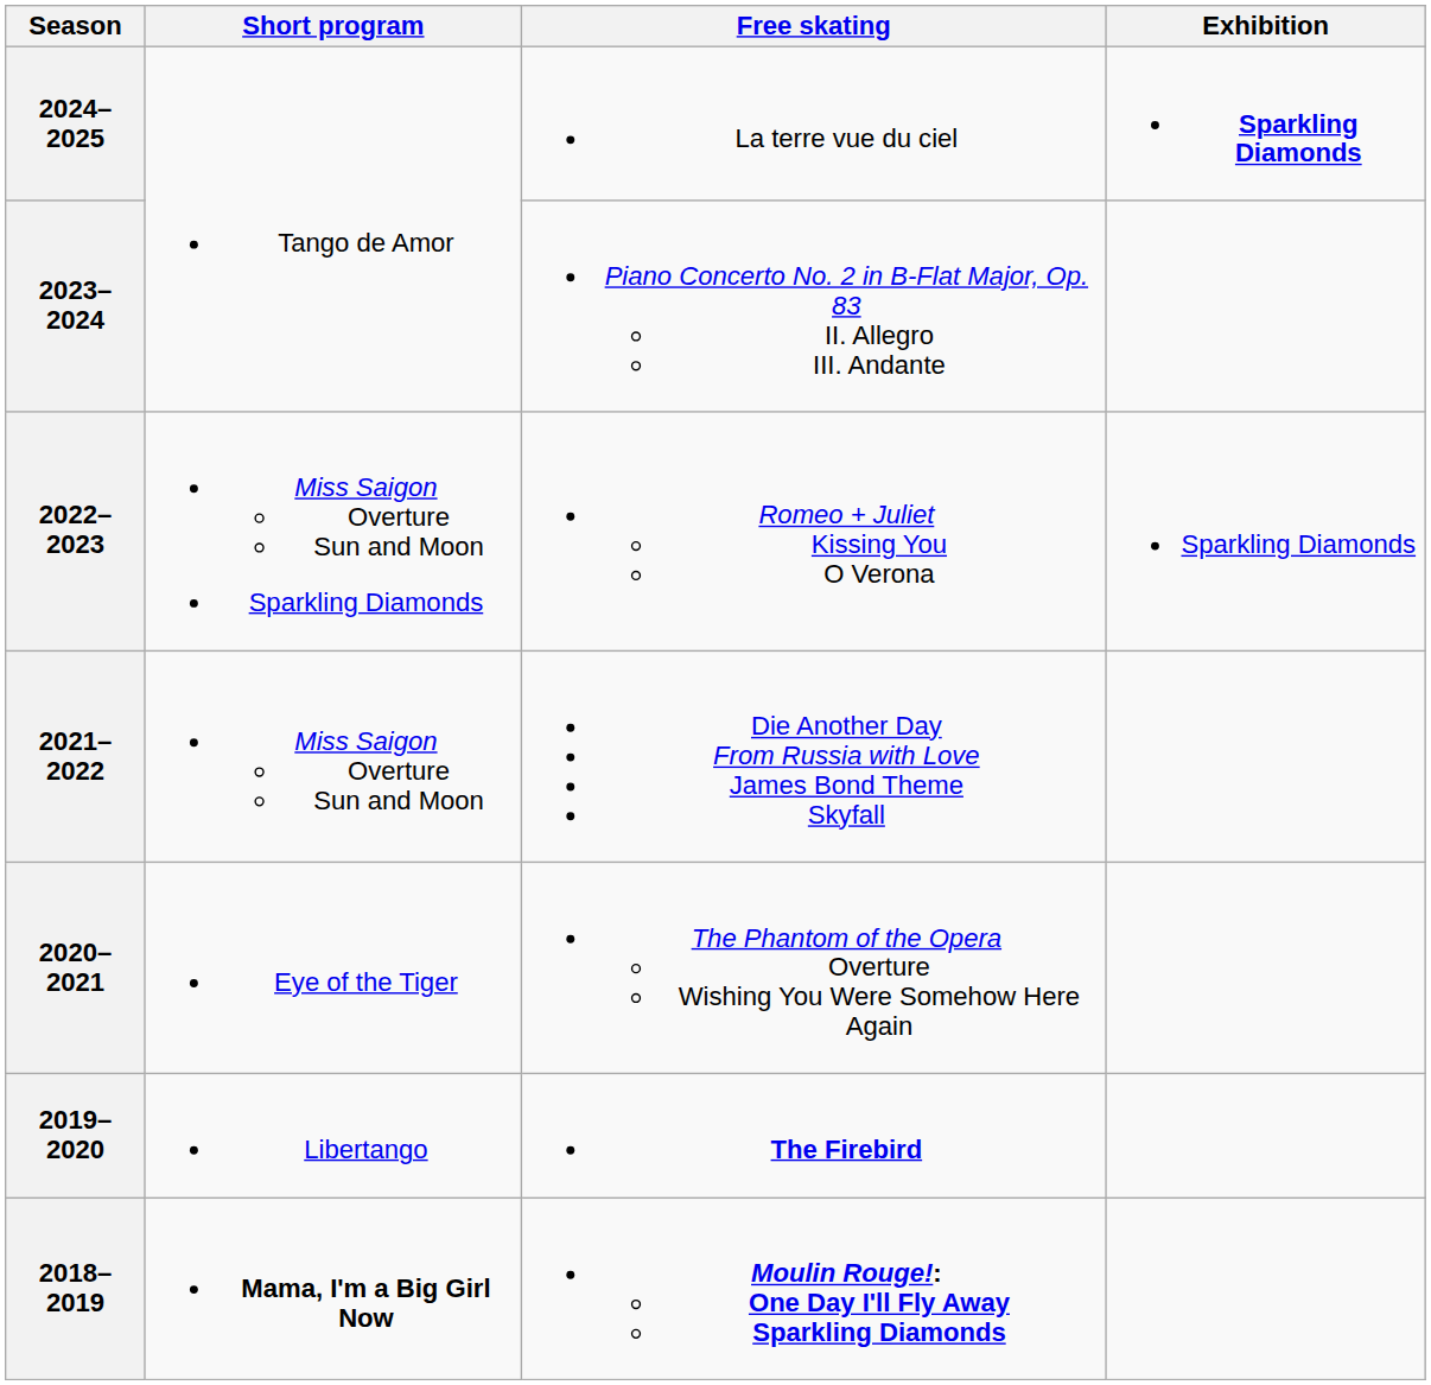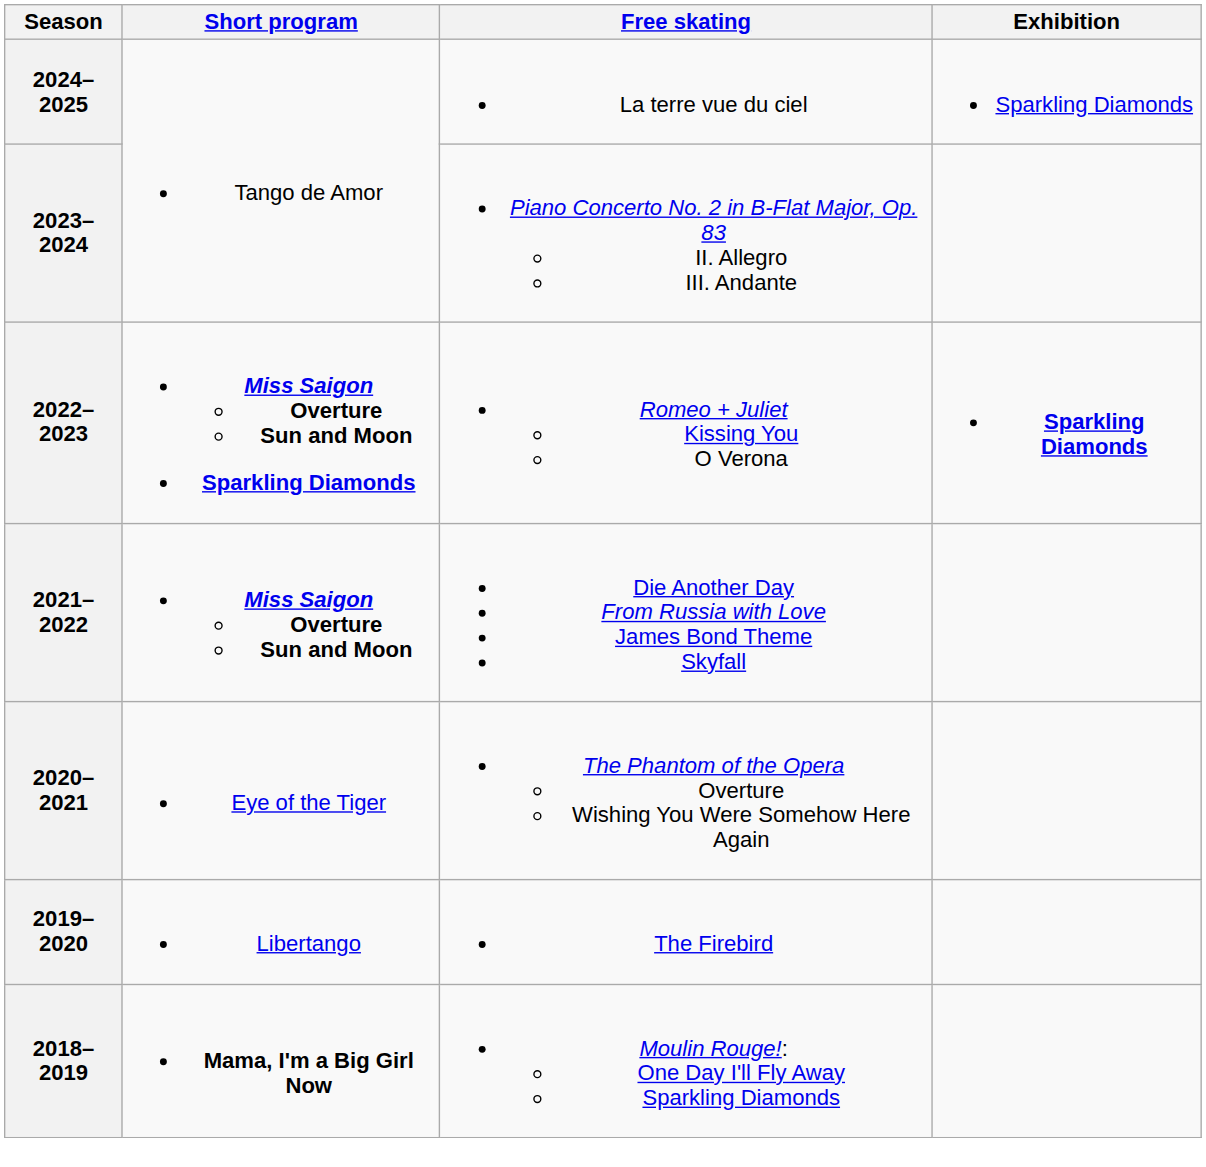 <table class=wikitable style=text-align:center>
 <tr>
 <th>Season</th>
 <th><a href='#'>Short program</a></th>
 <th><a href='#'>Free skating</a></th>
 <th>Exhibition</th>
 </tr>
 <tr>
 <th>2024–2025 <br> </th>
 <td rowspan=2><br><ul><li>Tango de Amor <br></li></ul></td>
 <td><br><ul><li>La terre vue du ciel <br> </li></ul></td>
-<td><strong><br><ul><li><a href='#'>Sparkling Diamonds</a> <br> </li></ul></strong></td>
+<td><br><ul><li><a href='#'>Sparkling Diamonds</a> <br> </li></ul></td>
 </tr>
 <tr>
 <th>2023–2024 <br> </th>
 <td><br><ul><li><em><a href='#'>Piano Concerto No. 2 in B-Flat Major, Op. 83</a></em><ul><li>II. Allegro</li><li>III. Andante <br> </li></ul></li></ul></td>
 <td></td>
 </tr>
 <tr>
 <th>2022–2023 <br> </th>
-<td><br><ul><li><em><a href='#'>Miss Saigon</a></em><ul><li>Overture <br> </li><li>Sun and Moon <br></li></ul></li></ul><ul><li><a href='#'>Sparkling Diamonds</a> <br> </li></ul></td>
+<td><strong><br><ul><li><em><a href='#'>Miss Saigon</a></em><ul><li>Overture <br> </li><li>Sun and Moon <br></li></ul></li></ul><ul><li><a href='#'>Sparkling Diamonds</a> <br> </li></ul></strong></td>
 <td><br><ul><li><em><a href='#'>Romeo + Juliet</a></em><ul><li><a href='#'>Kissing You</a> <br> </li><li>O Verona <br></li></ul></li></ul></td>
-<td><br><ul><li><a href='#'>Sparkling Diamonds</a> <br> </li></ul></td>
+<td><strong><br><ul><li><a href='#'>Sparkling Diamonds</a> <br> </li></ul></strong></td>
 </tr>
 <tr>
 <th>2021–2022 <br> </th>
-<td><br><ul><li><em><a href='#'>Miss Saigon</a></em><ul><li>Overture <br> </li><li>Sun and Moon <br></li></ul></li></ul></td>
+<td><strong><br><ul><li><em><a href='#'>Miss Saigon</a></em><ul><li>Overture <br> </li><li>Sun and Moon <br></li></ul></li></ul></strong></td>
 <td><br><ul><li><a href='#'>Die Another Day</a> <br> </li><li><em><a href='#'>From Russia with Love</a></em> <br> </li><li><a href='#'>James Bond Theme</a> <br> </li><li><a href='#'>Skyfall</a> <br> </li></ul></td>
 <td></td>
 </tr>
 <tr>
 <th>2020–2021 <br></th>
 <td><br><ul><li><a href='#'>Eye of the Tiger</a> <br> </li></ul></td>
 <td><br><ul><li><em><a href='#'>The Phantom of the Opera</a></em><ul><li>Overture <br> </li><li>Wishing You Were Somehow Here Again <br> </li></ul></li></ul></td>
 <td></td>
 </tr>
 <tr>
 <th>2019–2020 <br></th>
 <td><br><ul><li><a href='#'>Libertango</a> <br> </li></ul></td>
-<td><strong><br><ul><li><a href='#'>The Firebird</a> <br> </li></ul></strong></td>
+<td><br><ul><li><a href='#'>The Firebird</a> <br> </li></ul></td>
 <td></td>
 </tr>
 <tr>
 <th>2018–2019 <br> </th>
 <td><strong><br><ul><li>Mama, I'm a Big Girl Now <br></li></ul></strong></td>
-<td><strong><br><ul><li><em><a href='#'>Moulin Rouge!</a></em>:<ul><li><a href='#'>One Day I'll Fly Away</a></li><li><a href='#'>Sparkling Diamonds</a> <br> </li></ul></li></ul></strong></td>
+<td><br><ul><li><em><a href='#'>Moulin Rouge!</a></em>:<ul><li><a href='#'>One Day I'll Fly Away</a></li><li><a href='#'>Sparkling Diamonds</a> <br> </li></ul></li></ul></td>
 <td></td>
 </tr>
 </table>
